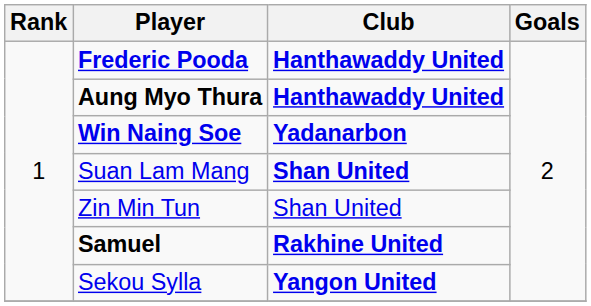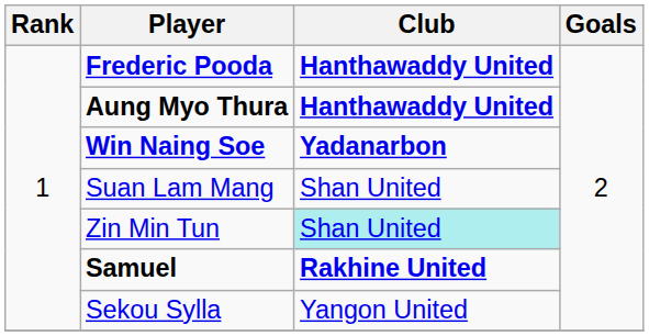 <table class="wikitable sortable" style="text-align:center">
 <tr>
 <th>Rank</th>
 <th>Player</th>
 <th>Club</th>
 <th>Goals</th>
 </tr>
 <tr>
 <td rowspan="7">1</td>
 <td align="left"> <strong><a href='#'>Frederic Pooda</a></strong></td>
 <td align="left"><strong><a href='#'>Hanthawaddy United</a></strong></td>
 <td rowspan="7">2</td>
 </tr>
 <tr>
 <td align="left"> <strong>Aung Myo Thura</strong></td>
 <td align="left"><strong><a href='#'>Hanthawaddy United</a></strong></td>
 </tr>
 <tr>
 <td align="left"> <strong><a href='#'>Win Naing Soe</a></strong></td>
 <td align="left"><strong><a href='#'>Yadanarbon</a></strong></td>
 </tr>
 <tr>
 <td align="left"> <a href='#'>Suan Lam Mang</a></td>
-<td align="left"><strong><a href='#'>Shan United</a></strong></td>
+<td align="left"><a href='#'>Shan United</a></td>
 </tr>
 <tr>
 <td align="left"> <a href='#'>Zin Min Tun</a></td>
-<td align="left"><a href='#'>Shan United</a></td>
+<td align="left" style="background: paleturquoise;"><a href='#'>Shan United</a></td>
 </tr>
 <tr>
 <td align="left"> <strong>Samuel</strong></td>
 <td align="left"><strong><a href='#'>Rakhine United</a></strong></td>
 </tr>
 <tr>
 <td align="left"> <a href='#'>Sekou Sylla</a></td>
-<td align="left"><strong><a href='#'>Yangon United</a></strong></td>
+<td align="left"><a href='#'>Yangon United</a></td>
 </tr>
 <tr>
 </tr>
 </table>
